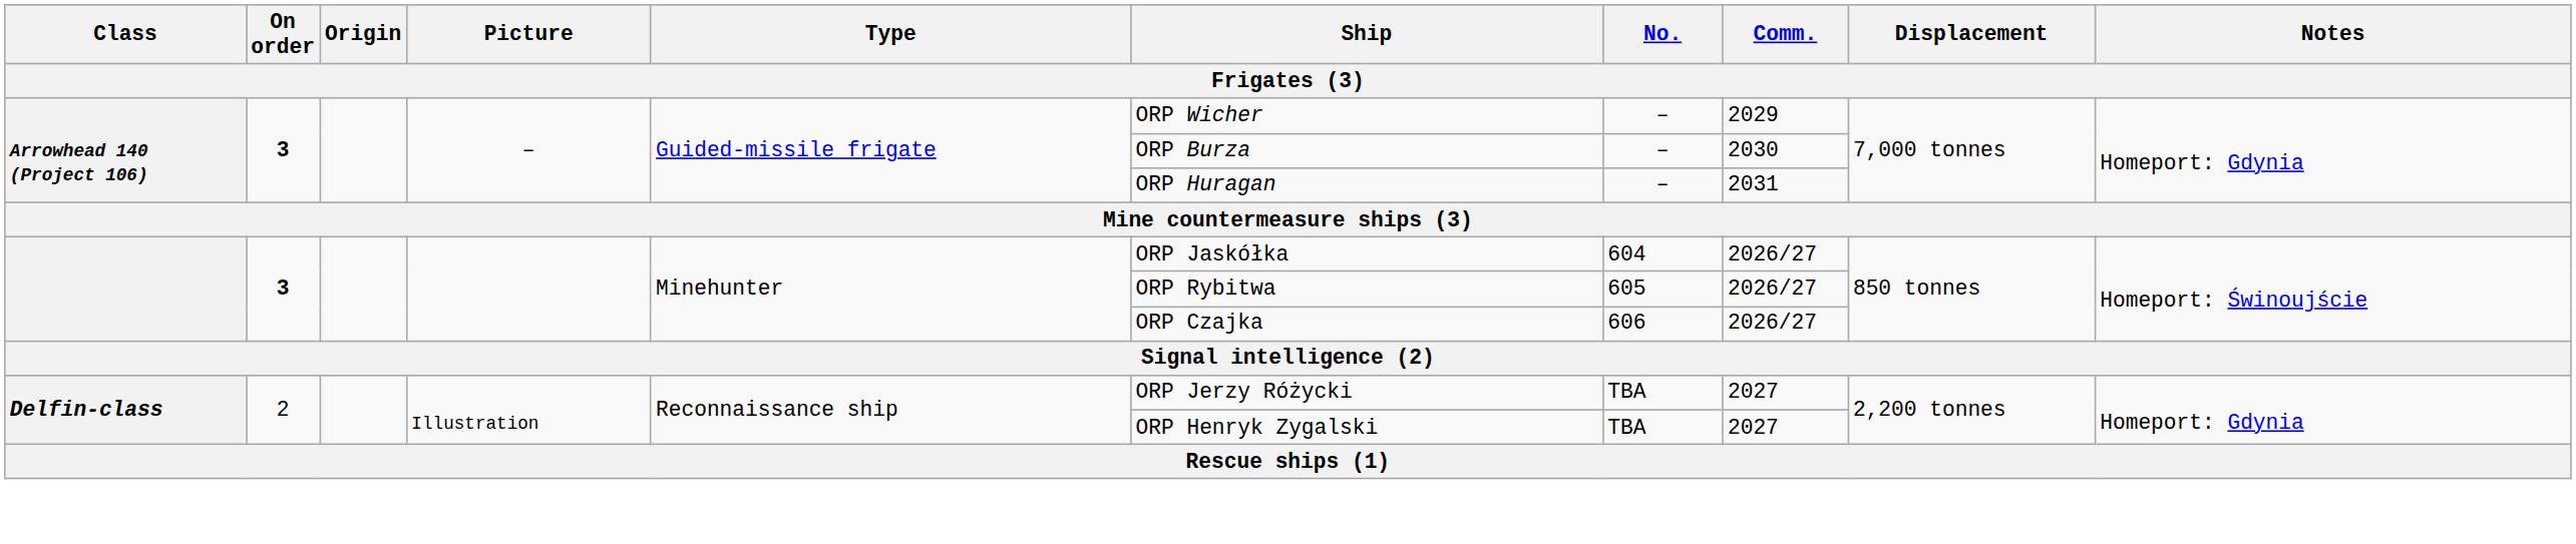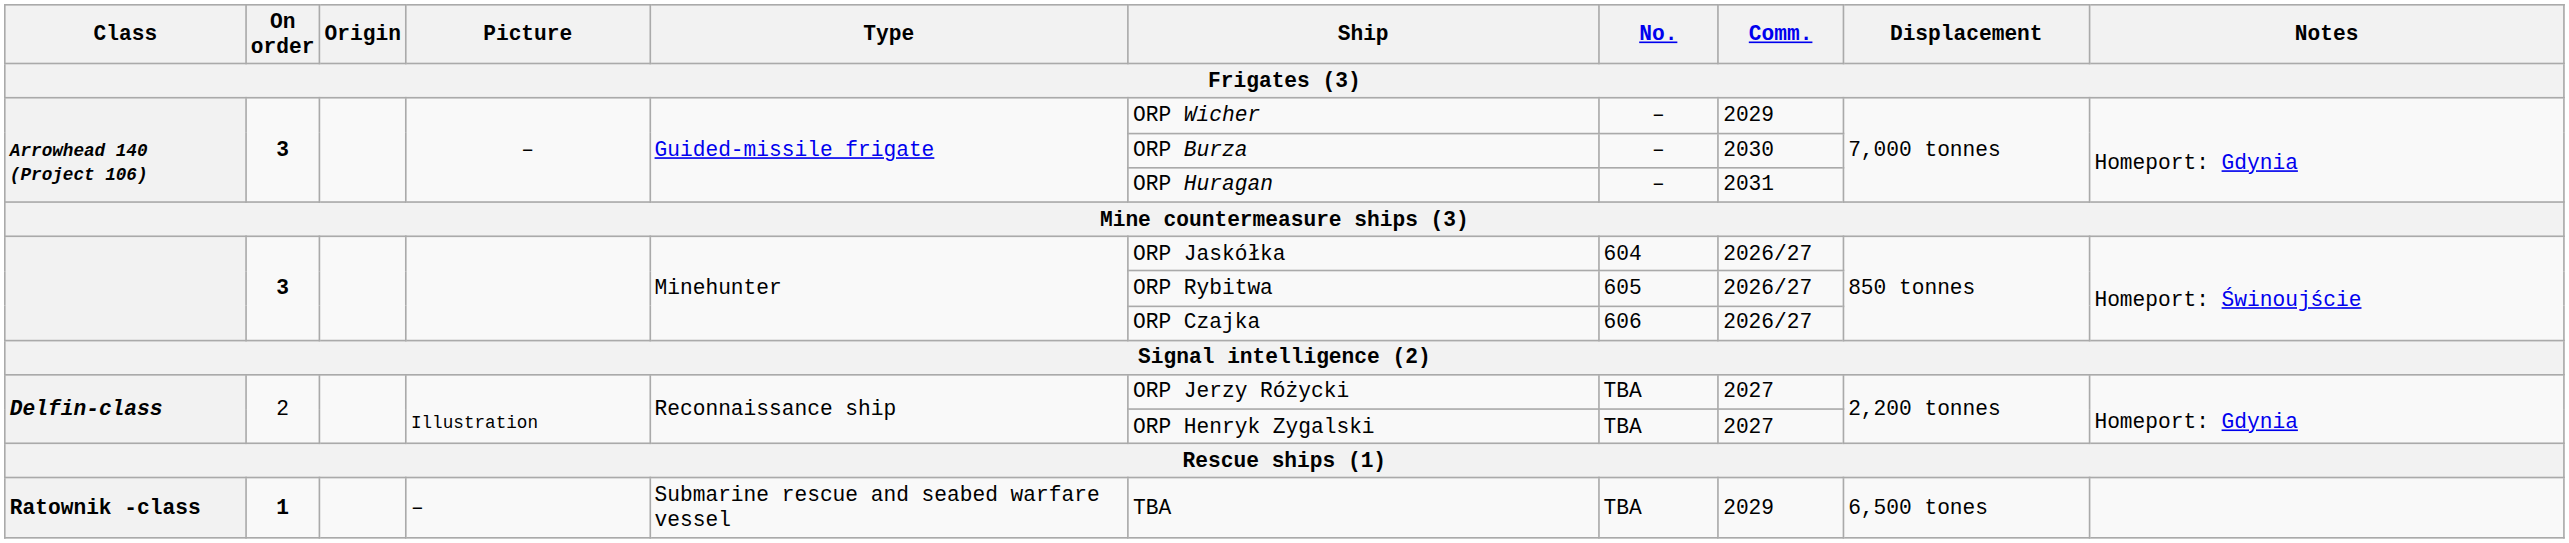 <table class="wikitable">
 <tr>
 <th style="width:10%;">Class</th>
 <th>On order</th>
 <th>Origin</th>
 <th style="width:10%;">Picture</th>
 <th style="width:20%;">Type</th>
 <th style="width:20%;">Ship</th>
 <th style="width: 5%;"><a href='#'>No.</a></th>
 <th style="width: 5%;"><a href='#'>Comm.</a></th>
 <th style="width:10%;">Displacement</th>
 <th style="width:20%;">Notes</th>
 </tr>
 <tr>
 <th colspan="10">Frigates (3)</th>
 </tr>
 <tr>
 <th rowspan="3" style="text-align: left;"><br> <em><small>Arrowhead 140 (Project 106)</small></em></th>
 <td rowspan="3" style="text-align: center;"><strong>3</strong></td>
 <td rowspan="3"><br></td>
 <td rowspan="3" style="text-align: center;">–</td>
 <td rowspan="3"><a href='#'>Guided-missile frigate</a></td>
 <td>ORP <em>Wicher</em></td>
 <td style="text-align: center;">–</td>
 <td>2029</td>
 <td rowspan="3">7,000 tonnes</td>
 <td rowspan="3"><br>Homeport: <a href='#'>Gdynia</a></td>
 </tr>
 <tr>
 <td>ORP <em>Burza</em></td>
 <td style="text-align: center;">–</td>
 <td>2030</td>
 </tr>
 <tr>
 <td>ORP <em>Huragan</em></td>
 <td style="text-align: center;">–</td>
 <td>2031</td>
 </tr>
 <tr>
 <th colspan="10">Mine countermeasure ships (3)</th>
 </tr>
 <tr>
 <th rowspan="3" style="text-align: left;"></th>
 <td rowspan="3" style="text-align: center;"><strong>3</strong></td>
 <td rowspan="3"></td>
 <td rowspan="3"></td>
 <td rowspan="3">Minehunter</td>
 <td>ORP Jaskółka</td>
 <td>604</td>
 <td>2026/27</td>
 <td rowspan="3">850 tonnes</td>
 <td rowspan="3"><br>Homeport: <a href='#'>Świnoujście</a></td>
 </tr>
 <tr>
 <td>ORP Rybitwa</td>
 <td>605</td>
 <td>2026/27</td>
 </tr>
 <tr>
 <td>ORP Czajka</td>
 <td>606</td>
 <td>2026/27</td>
 </tr>
 <tr>
 <th colspan="10">Signal intelligence (2)</th>
 </tr>
 <tr>
 <th rowspan="2" style="text-align: left;"><strong><em>Delfin<em>-class<strong></th>
 <td rowspan="2" style="text-align: center;"></strong>2<strong></td>
 <td rowspan="2"></td>
 <td rowspan="2"><br><small></em>Illustration<em></small></td>
 <td rowspan="2">Reconnaissance ship</td>
 <td>ORP </em>Jerzy Różycki<em></td>
 <td>TBA</td>
 <td>2027</td>
 <td rowspan="2">2,200 tonnes</td>
 <td rowspan="2"><br>Homeport: <a href='#'>Gdynia</a></td>
 </tr>
 <tr>
 <td>ORP </em>Henryk Zygalski<em></td>
 <td>TBA</td>
 <td>2027</td>
 </tr>
 <tr>
 <th colspan="10">Rescue ships (1)</th>
 </tr>
+<tr>
+<th style="text-align: left;"></em></strong>Ratownik</em> -class</strong></th>
+<td style="text-align: center;"><strong>1</strong></td>
+<td></td>
+<td>–</td>
+<td>Submarine rescue and seabed warfare vessel</td>
+<td>TBA</td>
+<td>TBA</td>
+<td>2029</td>
+<td>6,500 tones</td>
+<td></td>
+</tr>
 </table>
